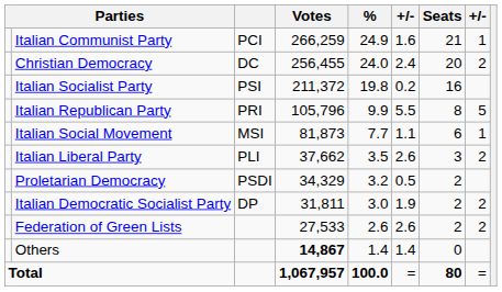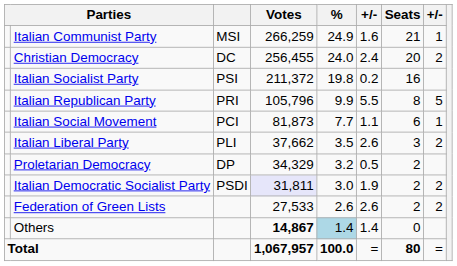 <table class="wikitable">
 <tr>
 <th colspan="2">Parties</th>
 <th></th>
 <th>Votes</th>
 <th>%</th>
 <th>+/-</th>
 <th>Seats</th>
 <th>+/-</th>
 <th rowspan="12"></th>
 </tr>
 <tr>
 <td style="background-color:"></td>
 <td><a href='#'>Italian Communist Party</a></td>
-<td>PCI</td>
+<td>MSI</td>
 <td align=right>266,259</td>
 <td align=right>24.9</td>
 <td align=right> 1.6</td>
 <td align=right>21</td>
 <td align=right> 1</td>
 </tr>
 <tr>
 <td style="background-color:"></td>
 <td><a href='#'>Christian Democracy</a></td>
 <td>DC</td>
 <td align=right>256,455</td>
 <td align=right>24.0</td>
 <td align=right> 2.4</td>
 <td align=right>20</td>
 <td align=right> 2</td>
 </tr>
 <tr>
 <td style="background-color:"></td>
 <td><a href='#'>Italian Socialist Party</a></td>
 <td>PSI</td>
 <td align=right>211,372</td>
 <td align=right>19.8</td>
 <td align=right> 0.2</td>
 <td align=right>16</td>
 <td align=right></td>
 </tr>
 <tr>
 <td style="background-color:"></td>
 <td><a href='#'>Italian Republican Party</a></td>
 <td>PRI</td>
 <td align=right>105,796</td>
 <td align=right>9.9</td>
 <td align=right> 5.5</td>
 <td align=right>8</td>
 <td align=right> 5</td>
 </tr>
 <tr>
 <td style="background-color:"></td>
 <td><a href='#'>Italian Social Movement</a></td>
-<td>MSI</td>
+<td>PCI</td>
 <td align=right>81,873</td>
 <td align=right>7.7</td>
 <td align=right> 1.1</td>
 <td align=right>6</td>
 <td align=right> 1</td>
 </tr>
 <tr>
 <td style="background-color:"></td>
 <td><a href='#'>Italian Liberal Party</a></td>
 <td>PLI</td>
 <td align=right>37,662</td>
 <td align=right>3.5</td>
 <td align=right> 2.6</td>
 <td align=right>3</td>
 <td align=right> 2</td>
 </tr>
 <tr>
 <td style="background-color:"></td>
 <td><a href='#'>Proletarian Democracy</a></td>
-<td>PSDI</td>
+<td>DP</td>
 <td align=right>34,329</td>
 <td align=right>3.2</td>
 <td align=right> 0.5</td>
 <td align=right>2</td>
 <td align=right></td>
 </tr>
 <tr>
 <td style="background-color:"></td>
 <td><a href='#'>Italian Democratic Socialist Party</a></td>
-<td>DP</td>
-<td align=right>31,811</td>
+<td>PSDI</td>
+<td align=right style="background: lavender;">31,811</td>
 <td align=right>3.0</td>
 <td align=right> 1.9</td>
 <td align=right>2</td>
 <td align=right> 2</td>
 </tr>
 <tr>
 <td style="background-color:"></td>
 <td><a href='#'>Federation of Green Lists</a></td>
 <td></td>
 <td align=right>27,533</td>
 <td align=right>2.6</td>
 <td align=right> 2.6</td>
 <td align=right>2</td>
 <td align=right> 2</td>
 </tr>
 <tr>
 <td style="background-color:"></td>
 <td>Others</td>
 <td></td>
 <td align=right><strong>14,867</strong></td>
-<td align=right>1.4</td>
+<td align=right style="background: lightblue;">1.4</td>
 <td align=right> 1.4</td>
 <td align=right>0</td>
 <td align=right></td>
 </tr>
 <tr>
 <td colspan="2"><strong>Total</strong></td>
 <td></td>
 <td align=right><strong>1,067,957</strong></td>
 <td align=right><strong>100.0</strong></td>
 <td align=right>=</td>
 <td align=right><strong>80</strong></td>
 <td align=right>=</td>
 </tr>
 </table>
